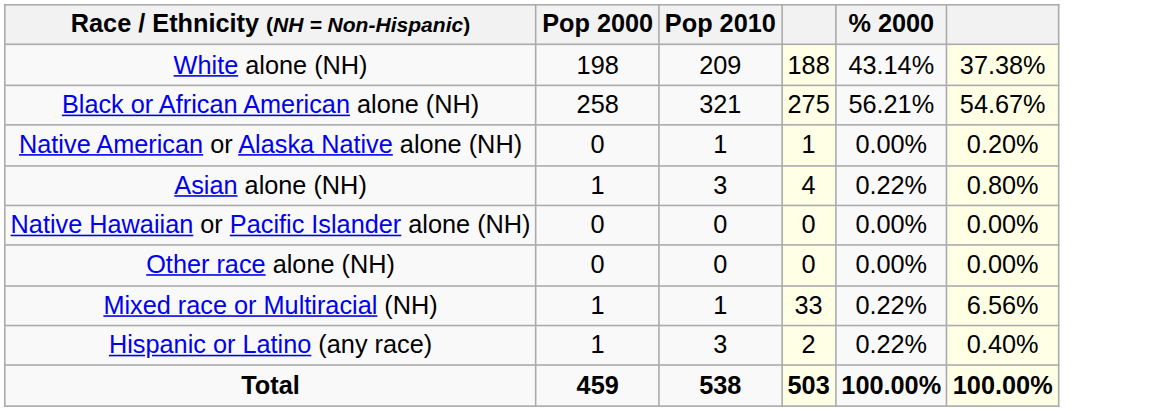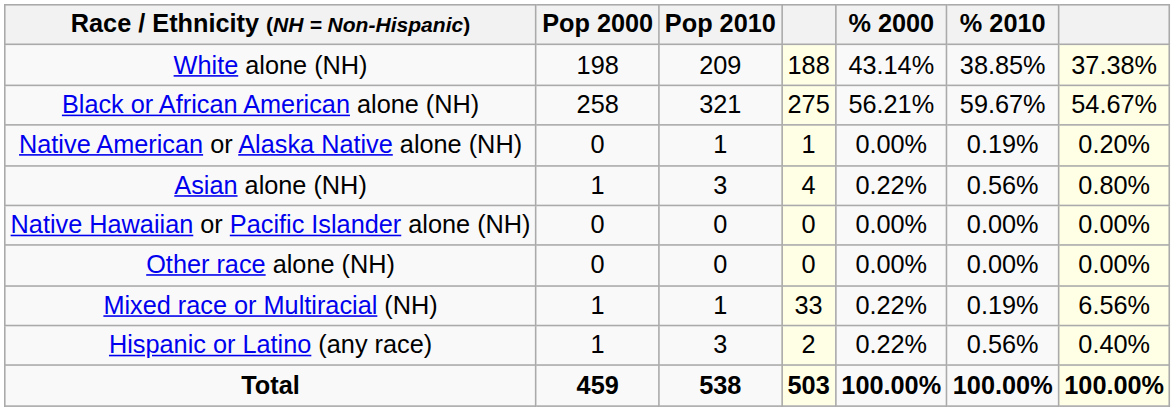 <table class="wikitable" style="text-align:center;">
 <tr>
 <th>Race / Ethnicity <small>(<em>NH = Non-Hispanic</em>)</small></th>
 <th>Pop 2000</th>
 <th>Pop 2010</th>
 <th></th>
 <th>% 2000</th>
+<th>% 2010</th>
 <th></th>
 </tr>
 <tr>
 <td><a href='#'>White</a> alone (NH)</td>
 <td>198</td>
 <td>209</td>
 <td style='background: #ffffe6;'>188</td>
 <td>43.14%</td>
+<td>38.85%</td>
 <td style='background: #ffffe6;'>37.38%</td>
 </tr>
 <tr>
 <td><a href='#'>Black or African American</a> alone (NH)</td>
 <td>258</td>
 <td>321</td>
 <td style='background: #ffffe6;'>275</td>
 <td>56.21%</td>
+<td>59.67%</td>
 <td style='background: #ffffe6;'>54.67%</td>
 </tr>
 <tr>
 <td><a href='#'>Native American</a> or <a href='#'>Alaska Native</a> alone (NH)</td>
 <td>0</td>
 <td>1</td>
 <td style='background: #ffffe6;'>1</td>
 <td>0.00%</td>
+<td>0.19%</td>
 <td style='background: #ffffe6;'>0.20%</td>
 </tr>
 <tr>
 <td><a href='#'>Asian</a> alone (NH)</td>
 <td>1</td>
 <td>3</td>
 <td style='background: #ffffe6;'>4</td>
 <td>0.22%</td>
+<td>0.56%</td>
 <td style='background: #ffffe6;'>0.80%</td>
 </tr>
 <tr>
 <td><a href='#'>Native Hawaiian</a> or <a href='#'>Pacific Islander</a> alone (NH)</td>
 <td>0</td>
 <td>0</td>
 <td style='background: #ffffe6;'>0</td>
+<td>0.00%</td>
 <td>0.00%</td>
 <td style='background: #ffffe6;'>0.00%</td>
 </tr>
 <tr>
 <td><a href='#'>Other race</a> alone (NH)</td>
 <td>0</td>
 <td>0</td>
 <td style='background: #ffffe6;'>0</td>
 <td>0.00%</td>
+<td>0.00%</td>
 <td style='background: #ffffe6;'>0.00%</td>
 </tr>
 <tr>
 <td><a href='#'>Mixed race or Multiracial</a> (NH)</td>
 <td>1</td>
 <td>1</td>
 <td style='background: #ffffe6;'>33</td>
 <td>0.22%</td>
+<td>0.19%</td>
 <td style='background: #ffffe6;'>6.56%</td>
 </tr>
 <tr>
 <td><a href='#'>Hispanic or Latino</a> (any race)</td>
 <td>1</td>
 <td>3</td>
 <td style='background: #ffffe6;'>2</td>
 <td>0.22%</td>
+<td>0.56%</td>
 <td style='background: #ffffe6;'>0.40%</td>
 </tr>
 <tr>
 <td><strong>Total</strong></td>
 <td><strong>459</strong></td>
 <td><strong>538</strong></td>
 <td style='background: #ffffe6;'><strong>503</strong></td>
 <td><strong>100.00%</strong></td>
+<td><strong>100.00%</strong></td>
 <td style='background: #ffffe6;'><strong>100.00%</strong></td>
 </tr>
 </table>
